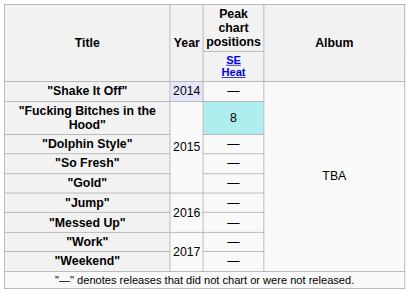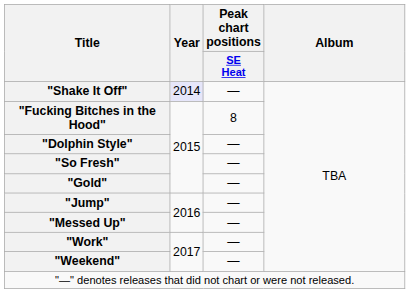 <table class="wikitable plainrowheaders" style="text-align:center;">
 <tr>
 <th scope="col" rowspan="2" style="width:13em;">Title</th>
 <th scope="col" rowspan="2" style="width:1em;">Year</th>
 <th scope="col" colspan="1">Peak chart positions</th>
 <th scope="col" rowspan="2" style="width:11em;">Album</th>
 </tr>
 <tr>
 <th scope="col" style="width:3em;font-size:90%;"><a href='#'>SE<br>Heat</a><br></th>
 </tr>
 <tr>
 <th scope="row">"Shake It Off"</th>
 <td rowspan="1" style="background: lavender;">2014</td>
 <td>—</td>
 <td rowspan="9">TBA</td>
 </tr>
 <tr>
 <th scope="row">"Fucking Bitches in the Hood"</th>
 <td rowspan="4">2015</td>
-<td style="background: paleturquoise;">8</td>
+<td>8</td>
 </tr>
 <tr>
 <th scope="row">"Dolphin Style"</th>
 <td>—</td>
 </tr>
 <tr>
 <th scope="row">"So Fresh"</th>
 <td>—</td>
 </tr>
 <tr>
 <th scope="row">"Gold"</th>
 <td>—</td>
 </tr>
 <tr>
 <th scope="row">"Jump"</th>
 <td rowspan="2">2016</td>
 <td>—</td>
 </tr>
 <tr>
 <th scope="row">"Messed Up"</th>
 <td>—</td>
 </tr>
 <tr>
 <th scope="row">"Work"</th>
 <td rowspan="2">2017</td>
 <td>—</td>
 </tr>
 <tr>
 <th scope="row">"Weekend"</th>
 <td>—</td>
 </tr>
 <tr>
 <td align="center" colspan="6" style="font-size:90%">"—" denotes releases that did not chart or were not released.</td>
 </tr>
 </table>
